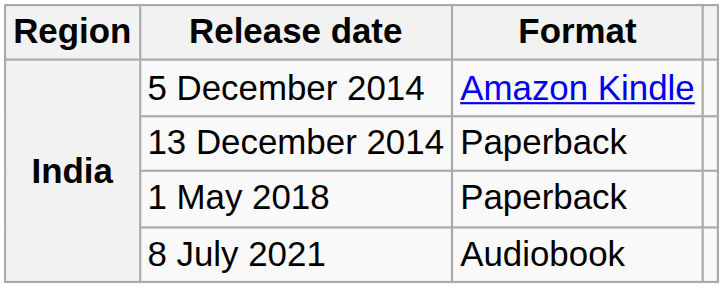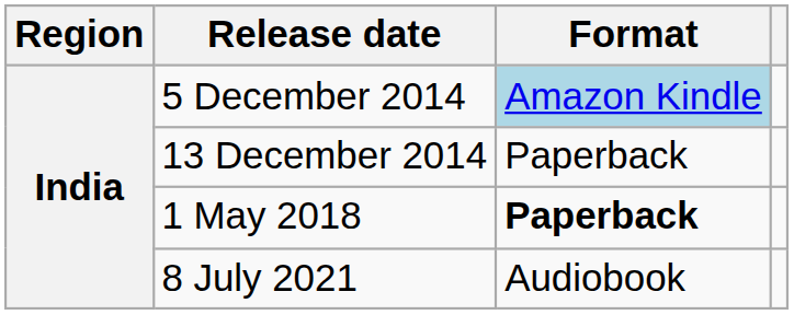 <table class="wikitable sortable plainrowheaders">
 <tr>
 <th scope="col">Region</th>
 <th scope="col">Release date</th>
 <th scope="col">Format</th>
 <th scope="col"></th>
 </tr>
 <tr>
 <th scope="row" rowspan="4">India</th>
 <td>5 December 2014</td>
-<td><a href='#'>Amazon Kindle</a></td>
+<td style="background: lightblue;"><a href='#'>Amazon Kindle</a></td>
 <td style="text-align: center;"></td>
 </tr>
 <tr>
 <td>13 December 2014</td>
 <td>Paperback</td>
 <td style="text-align: center;"></td>
 </tr>
 <tr>
 <td>1 May 2018</td>
-<td>Paperback</td>
+<td><strong>Paperback</strong></td>
 <td style="text-align: center;"></td>
 </tr>
 <tr>
 <td>8 July 2021</td>
 <td>Audiobook</td>
 <td style="text-align: center;"></td>
 </tr>
 </table>
